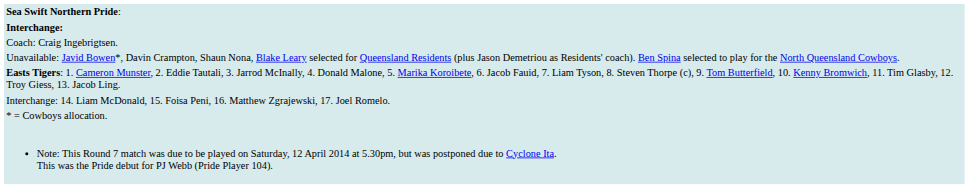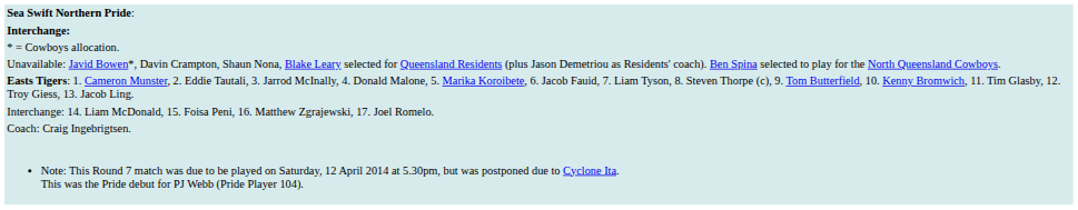 <table style="background:#d7ebed; font-size:85%; width:100%;">
 <tr>
 <td><strong>Sea Swift Northern Pride</strong>:             </td>
 </tr>
 <tr>
 <td><strong>Interchange:    </strong></td>
 </tr>
 <tr>
-<td>Coach: Craig Ingebrigtsen.</td>
+<td>* = Cowboys allocation.</td>
 </tr>
 <tr>
 <td>Unavailable: <a href='#'>Javid Bowen</a>*, Davin Crampton, Shaun Nona, <a href='#'>Blake Leary</a> selected for <a href='#'>Queensland Residents</a> (plus Jason Demetriou as Residents' coach). <a href='#'>Ben Spina</a> selected to play for the <a href='#'>North Queensland Cowboys</a>.</td>
 </tr>
 <tr>
 <td><strong>Easts Tigers</strong>: 1. <a href='#'>Cameron Munster</a>, 2. Eddie Tautali, 3. Jarrod McInally, 4. Donald Malone, 5. <a href='#'>Marika Koroibete</a>, 6. Jacob Fauid, 7. Liam Tyson, 8. Steven Thorpe (c), 9. <a href='#'>Tom Butterfield</a>, 10. <a href='#'>Kenny Bromwich</a>, 11. Tim Glasby, 12. Troy Giess, 13. Jacob Ling.</td>
 </tr>
 <tr>
 <td>Interchange: 14. Liam McDonald, 15. Foisa Peni, 16. Matthew Zgrajewski, 17. Joel Romelo.</td>
 </tr>
 <tr>
-<td>* = Cowboys allocation.</td>
+<td>Coach: Craig Ingebrigtsen.</td>
 </tr>
 <tr>
 <td><br><ul><li>Note: This Round 7 match was due to be played on Saturday, 12 April 2014 at 5.30pm, but was postponed due to <a href='#'>Cyclone Ita</a>.<br>This was the Pride debut for PJ Webb (Pride Player 104).</li></ul></td>
 </tr>
 </table>
